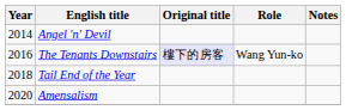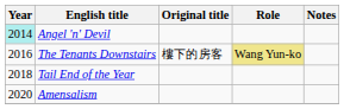 <table class="wikitable sortable">
 <tr>
 <th>Year</th>
 <th>English title</th>
 <th>Original title</th>
 <th>Role</th>
 <th class="unsortable">Notes</th>
 </tr>
 <tr>
-<td>2014</td>
+<td style="background: paleturquoise;">2014</td>
 <td><em><a href='#'>Angel 'n' Devil</a></em></td>
 <td></td>
 <td></td>
 <td></td>
 </tr>
 <tr>
 <td>2016</td>
 <td><em><a href='#'>The Tenants Downstairs</a></em></td>
-<td style="background: lavender;">樓下的房客</td>
-<td>Wang Yun-ko</td>
+<td>樓下的房客</td>
+<td style="background: khaki;">Wang Yun-ko</td>
 <td></td>
 </tr>
 <tr>
 <td>2018</td>
 <td><em><a href='#'>Tail End of the Year</a></em></td>
 <td></td>
 <td></td>
 <td></td>
 </tr>
 <tr>
 <td>2020</td>
 <td><em><a href='#'>Amensalism</a></em></td>
 <td></td>
 <td></td>
 <td></td>
 </tr>
 <tr>
 </tr>
 </table>
